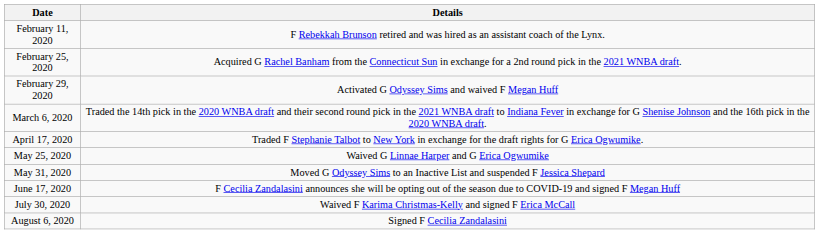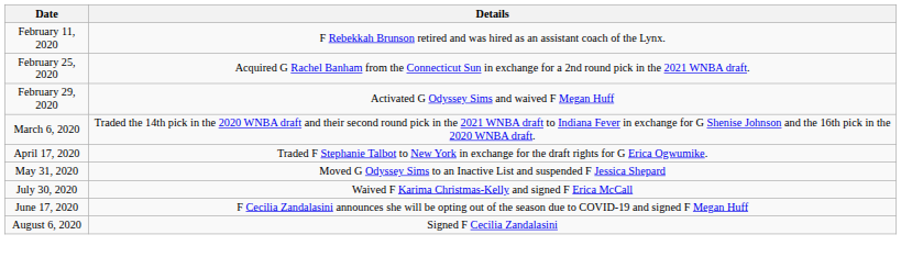 <table class="wikitable" style="width:80%; text-align: center;">
 <tr>
 <th>Date</th>
 <th>Details</th>
 </tr>
 <tr>
 <td>February 11, 2020</td>
 <td>F <a href='#'>Rebekkah Brunson</a> retired and was hired as an assistant coach of the Lynx.</td>
 </tr>
 <tr>
 <td>February 25, 2020</td>
 <td>Acquired G <a href='#'>Rachel Banham</a> from the <a href='#'>Connecticut Sun</a> in exchange for a 2nd round pick in the <a href='#'>2021 WNBA draft</a>.</td>
 </tr>
 <tr>
 <td>February 29, 2020</td>
 <td>Activated G <a href='#'>Odyssey Sims</a> and waived F <a href='#'>Megan Huff</a></td>
 </tr>
 <tr>
 <td>March 6, 2020</td>
 <td>Traded the 14th pick in the <a href='#'>2020 WNBA draft</a> and their second round pick in the <a href='#'>2021 WNBA draft</a> to <a href='#'>Indiana Fever</a> in exchange for G <a href='#'>Shenise Johnson</a>  and the 16th pick in the <a href='#'>2020 WNBA draft</a>.</td>
 </tr>
 <tr>
 <td>April 17, 2020</td>
 <td>Traded F <a href='#'>Stephanie Talbot</a> to <a href='#'>New York</a> in exchange for the draft rights for G <a href='#'>Erica Ogwumike</a>.</td>
 </tr>
 <tr>
-<td>May 25, 2020</td>
-<td>Waived G <a href='#'>Linnae Harper</a> and G <a href='#'>Erica Ogwumike</a></td>
+<td>May 31, 2020</td>
+<td>Moved G <a href='#'>Odyssey Sims</a> to an Inactive List and suspended F <a href='#'>Jessica Shepard</a></td>
 </tr>
 <tr>
-<td>May 31, 2020</td>
-<td>Moved G <a href='#'>Odyssey Sims</a> to an Inactive List and suspended F <a href='#'>Jessica Shepard</a></td>
+<td>July 30, 2020</td>
+<td>Waived F <a href='#'>Karima Christmas-Kelly</a> and signed F <a href='#'>Erica McCall</a></td>
 </tr>
 <tr>
 <td>June 17, 2020</td>
 <td>F <a href='#'>Cecilia Zandalasini</a> announces she will be opting out of the season due to COVID-19 and signed F <a href='#'>Megan Huff</a></td>
 </tr>
 <tr>
-<td>July 30, 2020</td>
-<td>Waived F <a href='#'>Karima Christmas-Kelly</a> and signed F <a href='#'>Erica McCall</a></td>
-</tr>
-<tr>
 <td>August 6, 2020</td>
 <td>Signed F <a href='#'>Cecilia Zandalasini</a></td>
 </tr>
 </table>
